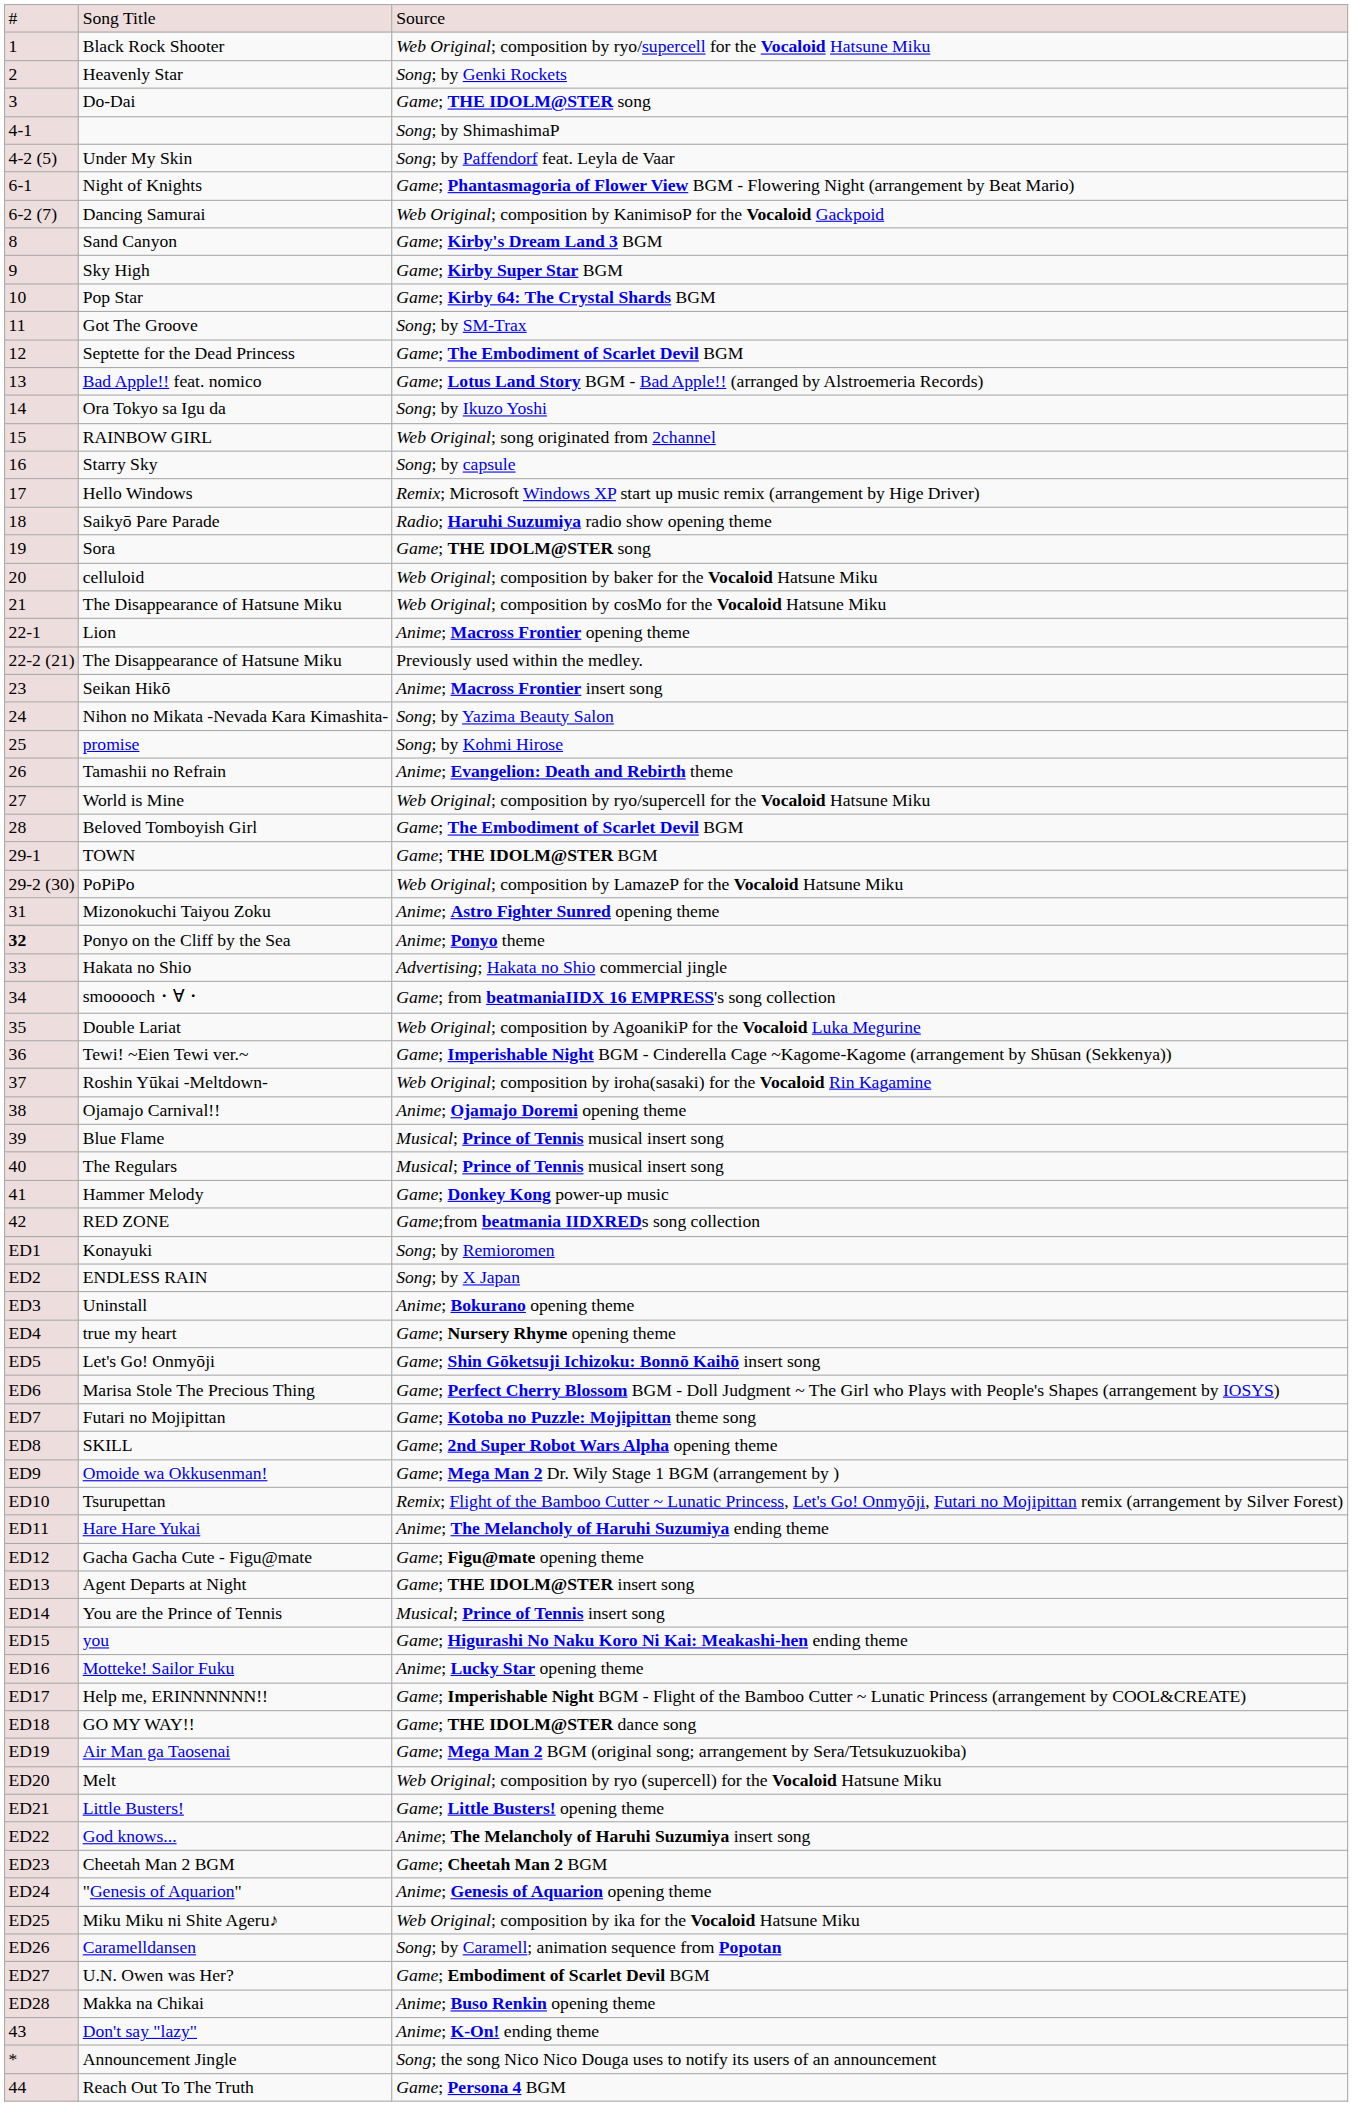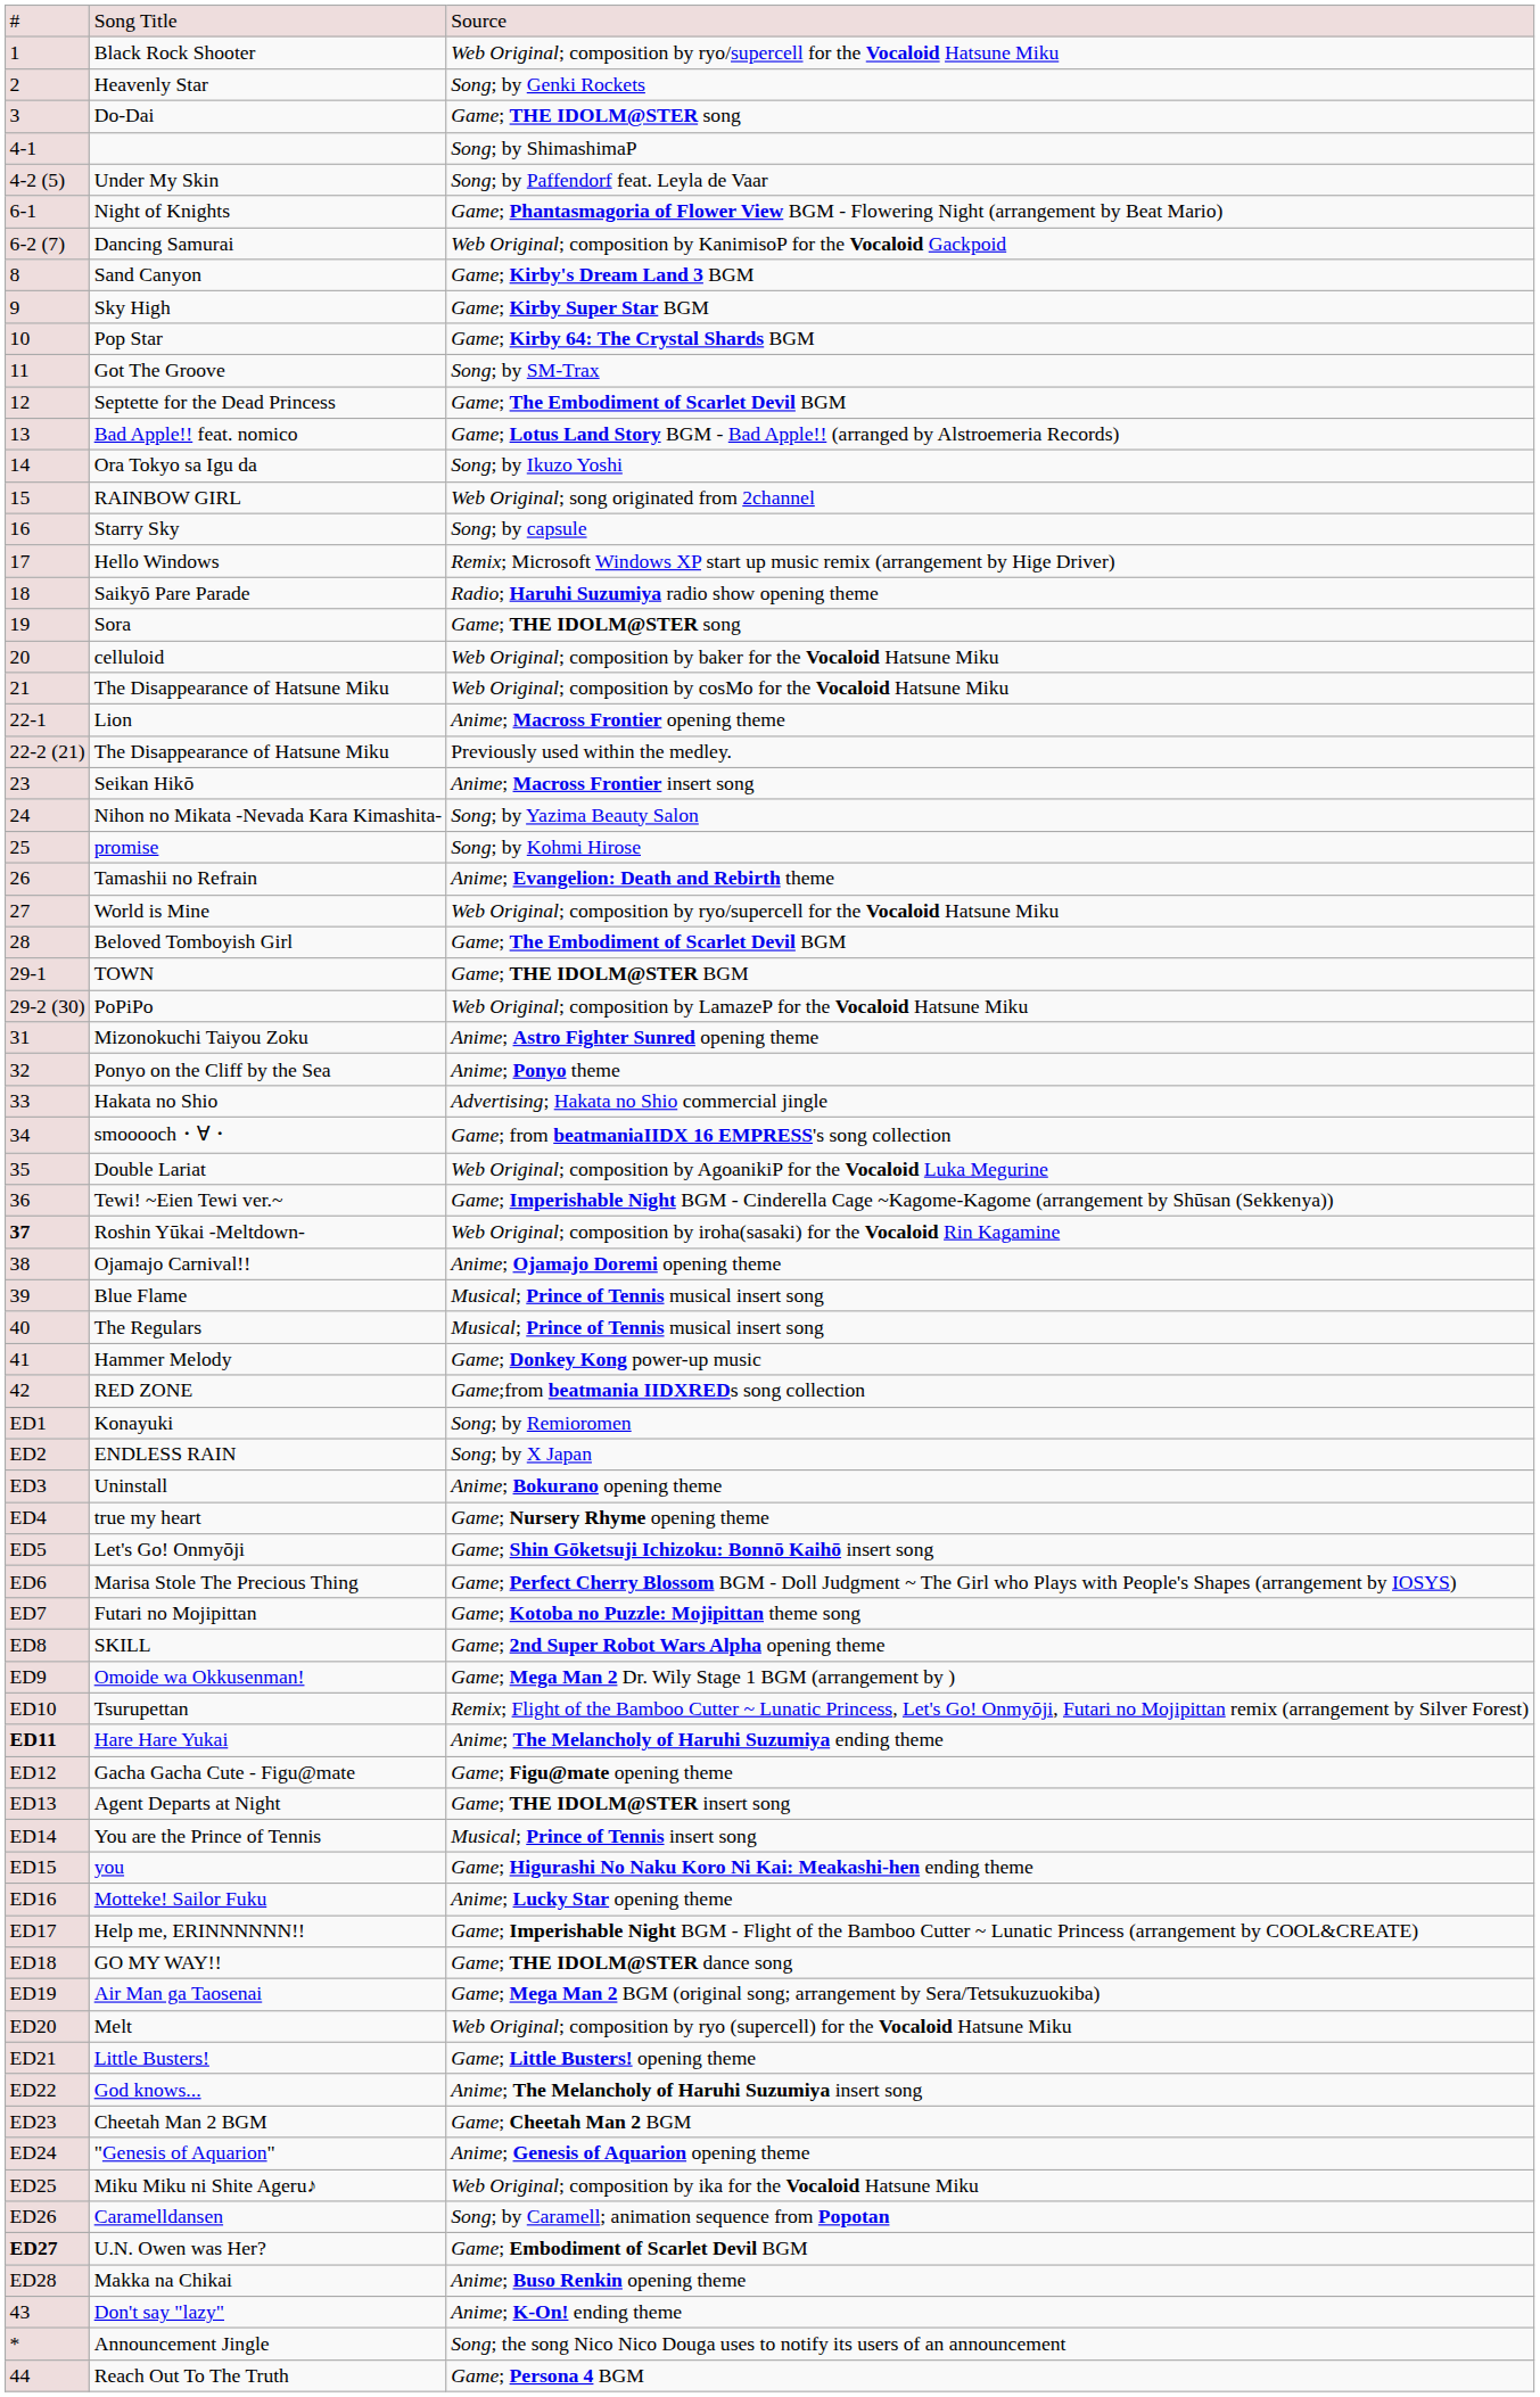 <table class="wikitable">
 <tr style="background-color:#edd">
 <td>#</td>
 <td>Song Title</td>
 <td>Source</td>
 </tr>
 <tr>
 <td style="background-color:#edd">1</td>
 <td>Black Rock Shooter</td>
 <td><em>Web Original</em>; composition by ryo/<a href='#'>supercell</a> for the <strong><a href='#'>Vocaloid</a></strong> <a href='#'>Hatsune Miku</a></td>
 </tr>
 <tr みなぎってきた>
 <td style="background-color:#edd">2</td>
 <td>Heavenly Star</td>
 <td><em>Song</em>; by <a href='#'>Genki Rockets</a></td>
 </tr>
 <tr>
 <td style="background-color:#edd">3</td>
 <td>Do-Dai</td>
 <td><em>Game</em>; <strong><a href='#'>THE IDOLM@STER</a></strong> song</td>
 </tr>
 <tr>
 <td style="background-color:#edd">4-1</td>
 <td></td>
 <td><em>Song</em>; by ShimashimaP</td>
 </tr>
 <tr>
 <td style="background-color:#edd">4-2 (5)</td>
 <td>Under My Skin</td>
 <td><em>Song</em>; by <a href='#'>Paffendorf</a> feat. Leyla de Vaar</td>
 </tr>
 <tr>
 <td style="background-color:#edd">6-1</td>
 <td>Night of Knights</td>
 <td><em>Game</em>; <strong><a href='#'>Phantasmagoria of Flower View</a></strong> BGM - Flowering Night (arrangement by Beat Mario)</td>
 </tr>
 <tr>
 <td style="background-color:#edd">6-2 (7)</td>
 <td>Dancing Samurai</td>
 <td><em>Web Original</em>; composition by KanimisoP for the <strong>Vocaloid</strong> <a href='#'>Gackpoid</a></td>
 </tr>
 <tr>
 <td style="background-color:#edd">8</td>
 <td>Sand Canyon</td>
 <td><em>Game</em>; <strong><a href='#'>Kirby's Dream Land 3</a></strong> BGM</td>
 </tr>
 <tr>
 <td style="background-color:#edd">9</td>
 <td>Sky High</td>
 <td><em>Game</em>; <strong><a href='#'>Kirby Super Star</a></strong> BGM</td>
 </tr>
 <tr>
 <td style="background-color:#edd">10</td>
 <td>Pop Star</td>
 <td><em>Game</em>; <strong><a href='#'>Kirby 64: The Crystal Shards</a></strong> BGM</td>
 </tr>
 <tr>
 <td style="background-color:#edd">11</td>
 <td>Got The Groove</td>
 <td><em>Song</em>; by <a href='#'>SM-Trax</a></td>
 </tr>
 <tr>
 <td style="background-color:#edd">12</td>
 <td>Septette for the Dead Princess</td>
 <td><em>Game</em>; <strong><a href='#'>The Embodiment of Scarlet Devil</a></strong> BGM</td>
 </tr>
 <tr>
 <td style="background-color:#edd">13</td>
 <td><a href='#'>Bad Apple!!</a> feat. nomico</td>
 <td><em>Game</em>; <strong><a href='#'>Lotus Land Story</a></strong> BGM - <a href='#'>Bad Apple!!</a> (arranged by Alstroemeria Records)</td>
 </tr>
 <tr>
 <td style="background-color:#edd">14</td>
 <td>Ora Tokyo sa Igu da</td>
 <td><em>Song</em>; by <a href='#'>Ikuzo Yoshi</a></td>
 </tr>
 <tr>
 <td style="background-color:#edd">15</td>
 <td>RAINBOW GIRL</td>
 <td><em>Web Original</em>; song originated from <a href='#'>2channel</a></td>
 </tr>
 <tr>
 <td style="background-color:#edd">16</td>
 <td>Starry Sky</td>
 <td><em>Song</em>; by <a href='#'>capsule</a></td>
 </tr>
 <tr>
 <td style="background-color:#edd">17</td>
 <td>Hello Windows</td>
 <td><em>Remix</em>; Microsoft <a href='#'>Windows XP</a> start up music remix (arrangement by Hige Driver)</td>
 </tr>
 <tr>
 <td style="background-color:#edd">18</td>
 <td>Saikyō Pare Parade</td>
 <td><em>Radio</em>; <strong><a href='#'>Haruhi Suzumiya</a></strong> radio show opening theme</td>
 </tr>
 <tr>
 <td style="background-color:#edd">19</td>
 <td>Sora</td>
 <td><em>Game</em>; <strong>THE IDOLM@STER</strong> song</td>
 </tr>
 <tr>
 <td style="background-color:#edd">20</td>
 <td>celluloid</td>
 <td><em>Web Original</em>; composition by baker for the <strong>Vocaloid</strong> Hatsune Miku</td>
 </tr>
 <tr>
 <td style="background-color:#edd">21</td>
 <td>The Disappearance of Hatsune Miku</td>
 <td><em>Web Original</em>; composition by cosMo for the <strong>Vocaloid</strong> Hatsune Miku</td>
 </tr>
 <tr>
 <td style="background-color:#edd">22-1</td>
 <td>Lion</td>
 <td><em>Anime</em>; <strong><a href='#'>Macross Frontier</a></strong> opening theme</td>
 </tr>
 <tr>
 <td style="background-color:#edd">22-2 (21)</td>
 <td>The Disappearance of Hatsune Miku</td>
 <td>Previously used within the medley.</td>
 </tr>
 <tr>
 <td style="background-color:#edd">23</td>
 <td>Seikan Hikō</td>
 <td><em>Anime</em>; <strong><a href='#'>Macross Frontier</a></strong> insert song</td>
 </tr>
 <tr>
 <td style="background-color:#edd">24</td>
 <td>Nihon no Mikata -Nevada Kara Kimashita-</td>
 <td><em>Song</em>; by <a href='#'>Yazima Beauty Salon</a></td>
 </tr>
 <tr>
 <td style="background-color:#edd">25</td>
 <td><a href='#'>promise</a></td>
 <td><em>Song</em>; by <a href='#'>Kohmi Hirose</a></td>
 </tr>
 <tr>
 <td style="background-color:#edd">26</td>
 <td>Tamashii no Refrain</td>
 <td><em>Anime</em>; <strong><a href='#'>Evangelion: Death and Rebirth</a></strong> theme</td>
 </tr>
 <tr>
 <td style="background-color:#edd">27</td>
 <td>World is Mine</td>
 <td><em>Web Original</em>; composition by ryo/supercell for the <strong>Vocaloid</strong> Hatsune Miku</td>
 </tr>
 <tr>
 <td style="background-color:#edd">28</td>
 <td>Beloved Tomboyish Girl</td>
 <td><em>Game</em>; <strong><a href='#'>The Embodiment of Scarlet Devil</a></strong> BGM</td>
 </tr>
 <tr>
 <td style="background-color:#edd">29-1</td>
 <td>TOWN</td>
 <td><em>Game</em>; <strong>THE IDOLM@STER</strong> BGM</td>
 </tr>
 <tr>
 <td style="background-color:#edd">29-2 (30)</td>
 <td>PoPiPo</td>
 <td><em>Web Original</em>; composition by LamazeP for the <strong>Vocaloid</strong> Hatsune Miku</td>
 </tr>
 <tr>
 <td style="background-color:#edd">31</td>
 <td>Mizonokuchi Taiyou Zoku</td>
 <td><em>Anime</em>; <strong><a href='#'>Astro Fighter Sunred</a></strong> opening theme</td>
 </tr>
 <tr>
-<td style="background-color:#edd"><strong>32</strong></td>
+<td style="background-color:#edd">32</td>
 <td>Ponyo on the Cliff by the Sea</td>
 <td><em>Anime</em>; <strong><a href='#'>Ponyo</a></strong> theme</td>
 </tr>
 <tr>
 <td style="background-color:#edd">33</td>
 <td>Hakata no Shio</td>
 <td><em>Advertising</em>; <a href='#'>Hakata no Shio</a> commercial jingle</td>
 </tr>
 <tr>
 <td style="background-color:#edd">34</td>
 <td>smooooch・∀・</td>
 <td><em>Game</em>; from <strong><a href='#'>beatmaniaIIDX 16 EMPRESS</a></strong>'s song collection</td>
 </tr>
 <tr>
 <td style="background-color:#edd">35</td>
 <td>Double Lariat</td>
 <td><em>Web Original</em>; composition by AgoanikiP for the <strong>Vocaloid</strong> <a href='#'>Luka Megurine</a></td>
 </tr>
 <tr>
 <td style="background-color:#edd">36</td>
 <td>Tewi! ~Eien Tewi ver.~</td>
 <td><em>Game</em>; <strong><a href='#'>Imperishable Night</a></strong> BGM - Cinderella Cage ~Kagome-Kagome (arrangement by Shūsan (Sekkenya))</td>
 </tr>
 <tr>
-<td style="background-color:#edd">37</td>
+<td style="background-color:#edd"><strong>37</strong></td>
 <td>Roshin Yūkai -Meltdown-</td>
 <td><em>Web Original</em>; composition by iroha(sasaki) for the <strong>Vocaloid</strong> <a href='#'>Rin Kagamine</a></td>
 </tr>
 <tr>
 <td style="background-color:#edd">38</td>
 <td>Ojamajo Carnival!!</td>
 <td><em>Anime</em>; <strong><a href='#'>Ojamajo Doremi</a></strong> opening theme</td>
 </tr>
 <tr>
 <td style="background-color:#edd">39</td>
 <td>Blue Flame</td>
 <td><em>Musical</em>; <strong><a href='#'>Prince of Tennis</a></strong> musical insert song</td>
 </tr>
 <tr>
 <td style="background-color:#edd">40</td>
 <td>The Regulars</td>
 <td><em>Musical</em>; <strong><a href='#'>Prince of Tennis</a></strong> musical insert song</td>
 </tr>
 <tr>
 <td style="background-color:#edd">41</td>
 <td>Hammer Melody</td>
 <td><em>Game</em>; <strong><a href='#'>Donkey Kong</a></strong> power-up music</td>
 </tr>
 <tr>
 <td style="background-color:#edd">42</td>
 <td>RED ZONE</td>
 <td><em>Game</em>;from <strong><a href='#'>beatmania IIDXRED</a></strong>s song collection</td>
 </tr>
 <tr>
 <td style="background-color:#edd">ED1</td>
 <td>Konayuki</td>
 <td><em>Song</em>; by <a href='#'>Remioromen</a></td>
 </tr>
 <tr>
 <td style="background-color:#edd">ED2</td>
 <td>ENDLESS RAIN</td>
 <td><em>Song</em>; by <a href='#'>X Japan</a></td>
 </tr>
 <tr>
 <td style="background-color:#edd">ED3</td>
 <td>Uninstall</td>
 <td><em>Anime</em>; <strong><a href='#'>Bokurano</a></strong> opening theme</td>
 </tr>
 <tr>
 <td style="background-color:#edd">ED4</td>
 <td>true my heart</td>
 <td><em>Game</em>; <strong>Nursery Rhyme</strong> opening theme</td>
 </tr>
 <tr>
 <td style="background-color:#edd">ED5</td>
 <td>Let's Go! Onmyōji</td>
 <td><em>Game</em>; <strong><a href='#'>Shin Gōketsuji Ichizoku: Bonnō Kaihō</a></strong> insert song</td>
 </tr>
 <tr>
 <td style="background-color:#edd">ED6</td>
 <td>Marisa Stole The Precious Thing</td>
 <td><em>Game</em>; <strong><a href='#'>Perfect Cherry Blossom</a></strong> BGM - Doll Judgment ~ The Girl who Plays with People's Shapes (arrangement by <a href='#'>IOSYS</a>)</td>
 </tr>
 <tr>
 <td style="background-color:#edd">ED7</td>
 <td>Futari no Mojipittan</td>
 <td><em>Game</em>; <strong><a href='#'>Kotoba no Puzzle: Mojipittan</a></strong> theme song</td>
 </tr>
 <tr>
 <td style="background-color:#edd">ED8</td>
 <td>SKILL</td>
 <td><em>Game</em>; <strong><a href='#'>2nd Super Robot Wars Alpha</a></strong> opening theme</td>
 </tr>
 <tr>
 <td style="background-color:#edd">ED9</td>
 <td><a href='#'>Omoide wa Okkusenman!</a></td>
 <td><em>Game</em>; <strong><a href='#'>Mega Man 2</a></strong> Dr. Wily Stage 1 BGM (arrangement by )</td>
 </tr>
 <tr>
 <td style="background-color:#edd">ED10</td>
 <td>Tsurupettan</td>
 <td><em>Remix</em>; <a href='#'>Flight of the Bamboo Cutter ~ Lunatic Princess</a>, <a href='#'>Let's Go! Onmyōji</a>, <a href='#'>Futari no Mojipittan</a> remix (arrangement by Silver Forest)</td>
 </tr>
 <tr>
-<td style="background-color:#edd">ED11</td>
+<td style="background-color:#edd"><strong>ED11</strong></td>
 <td><a href='#'>Hare Hare Yukai</a></td>
 <td><em>Anime</em>; <strong><a href='#'>The Melancholy of Haruhi Suzumiya</a></strong> ending theme</td>
 </tr>
 <tr>
 <td style="background-color:#edd">ED12</td>
 <td>Gacha Gacha Cute - Figu@mate</td>
 <td><em>Game</em>; <strong>Figu@mate</strong> opening theme</td>
 </tr>
 <tr>
 <td style="background-color:#edd">ED13</td>
 <td>Agent Departs at Night</td>
 <td><em>Game</em>; <strong>THE IDOLM@STER</strong> insert song</td>
 </tr>
 <tr>
 <td style="background-color:#edd">ED14</td>
 <td>You are the Prince of Tennis</td>
 <td><em>Musical</em>; <strong><a href='#'>Prince of Tennis</a></strong> insert song</td>
 </tr>
 <tr>
 <td style="background-color:#edd">ED15</td>
 <td><a href='#'>you</a></td>
 <td><em>Game</em>; <strong><a href='#'>Higurashi No Naku Koro Ni Kai: Meakashi-hen</a></strong> ending theme</td>
 </tr>
 <tr>
 <td style="background-color:#edd">ED16</td>
 <td><a href='#'>Motteke! Sailor Fuku</a></td>
 <td><em>Anime</em>; <strong><a href='#'>Lucky Star</a></strong> opening theme</td>
 </tr>
 <tr>
 <td style="background-color:#edd">ED17</td>
 <td>Help me, ERINNNNNN!!</td>
 <td><em>Game</em>; <strong>Imperishable Night</strong> BGM - Flight of the Bamboo Cutter ~ Lunatic Princess (arrangement by COOL&CREATE)</td>
 </tr>
 <tr>
 <td style="background-color:#edd">ED18</td>
 <td>GO MY WAY!!</td>
 <td><em>Game</em>; <strong>THE IDOLM@STER</strong> dance song</td>
 </tr>
 <tr>
 <td style="background-color:#edd">ED19</td>
 <td><a href='#'>Air Man ga Taosenai</a></td>
 <td><em>Game</em>; <strong><a href='#'>Mega Man 2</a></strong> BGM (original song; arrangement by Sera/Tetsukuzuokiba)</td>
 </tr>
 <tr>
 <td style="background-color:#edd">ED20</td>
 <td>Melt</td>
 <td><em>Web Original</em>; composition by ryo (supercell) for the <strong>Vocaloid</strong> Hatsune Miku</td>
 </tr>
 <tr>
 <td style="background-color:#edd">ED21</td>
 <td><a href='#'>Little Busters!</a></td>
 <td><em>Game</em>; <strong><a href='#'>Little Busters!</a></strong> opening theme</td>
 </tr>
 <tr>
 <td style="background-color:#edd">ED22</td>
 <td><a href='#'>God knows...</a></td>
 <td><em>Anime</em>; <strong>The Melancholy of Haruhi Suzumiya</strong> insert song</td>
 </tr>
 <tr>
 <td style="background-color:#edd">ED23</td>
 <td>Cheetah Man 2 BGM</td>
 <td><em>Game</em>; <strong>Cheetah Man 2</strong> BGM</td>
 </tr>
 <tr>
 <td style="background-color:#edd">ED24</td>
 <td>"<a href='#'>Genesis of Aquarion</a>"</td>
 <td><em>Anime</em>; <strong><a href='#'>Genesis of Aquarion</a></strong> opening theme</td>
 </tr>
 <tr>
 <td style="background-color:#edd">ED25</td>
 <td>Miku Miku ni Shite Ageru♪</td>
 <td><em>Web Original</em>; composition by ika for the <strong>Vocaloid</strong> Hatsune Miku</td>
 </tr>
 <tr>
 <td style="background-color:#edd">ED26</td>
 <td><a href='#'>Caramelldansen</a></td>
 <td><em>Song</em>; by <a href='#'>Caramell</a>; animation sequence from <strong><a href='#'>Popotan</a></strong></td>
 </tr>
 <tr>
-<td style="background-color:#edd">ED27</td>
+<td style="background-color:#edd"><strong>ED27</strong></td>
 <td>U.N. Owen was Her?</td>
 <td><em>Game</em>; <strong>Embodiment of Scarlet Devil</strong> BGM</td>
 </tr>
 <tr>
 <td style="background-color:#edd">ED28</td>
 <td>Makka na Chikai</td>
 <td><em>Anime</em>; <strong><a href='#'>Buso Renkin</a></strong> opening theme</td>
 </tr>
 <tr>
 <td style="background-color:#edd">43</td>
 <td><a href='#'>Don't say "lazy"</a></td>
 <td><em>Anime</em>; <strong><a href='#'>K-On!</a></strong> ending theme</td>
 </tr>
 <tr>
 <td style="background-color:#edd">*</td>
 <td>Announcement Jingle</td>
 <td><em>Song</em>; the song Nico Nico Douga uses to notify its users of an announcement</td>
 </tr>
 <tr>
 <td style="background-color:#edd">44</td>
 <td>Reach Out To The Truth</td>
 <td><em>Game</em>; <strong><a href='#'>Persona 4</a></strong> BGM</td>
 </tr>
 </table>
